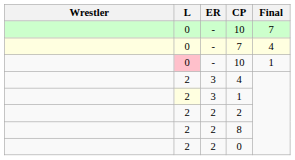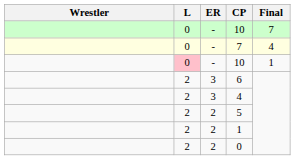 <table class="wikitable" style="text-align: center;" |>
 <tr>
 <th width="250">Wrestler</th>
 <th width="32">L</th>
 <th width="32">ER</th>
 <th width="32">CP</th>
 <th width="50">Final</th>
 </tr>
 <tr bgcolor="ccffcc">
 <td style="text-align:left;"></td>
 <td>0</td>
 <td>-</td>
 <td>10</td>
 <td>7</td>
 </tr>
 <tr bgcolor="lightyellow">
 <td style="text-align:left;"></td>
 <td>0</td>
 <td>-</td>
 <td>7</td>
 <td>4</td>
 </tr>
 <tr>
 <td style="text-align:left;"></td>
 <td style="background: pink;">0</td>
 <td>-</td>
 <td>10</td>
 <td>1</td>
 </tr>
 <tr>
 <td style="text-align:left;"></td>
 <td>2</td>
 <td>3</td>
-<td>4</td>
+<td>6</td>
 </tr>
 <tr>
 <td style="text-align:left;"></td>
-<td style="background: lightyellow;">2</td>
+<td>2</td>
 <td>3</td>
-<td>1</td>
+<td>4</td>
 </tr>
 <tr>
 <td style="text-align:left;"></td>
 <td>2</td>
 <td>2</td>
-<td>2</td>
+<td>5</td>
 </tr>
 <tr>
 <td style="text-align:left;"></td>
 <td>2</td>
 <td>2</td>
-<td>8</td>
+<td>1</td>
 </tr>
 <tr>
 <td style="text-align:left;"></td>
 <td>2</td>
 <td>2</td>
 <td>0</td>
 </tr>
 </table>
